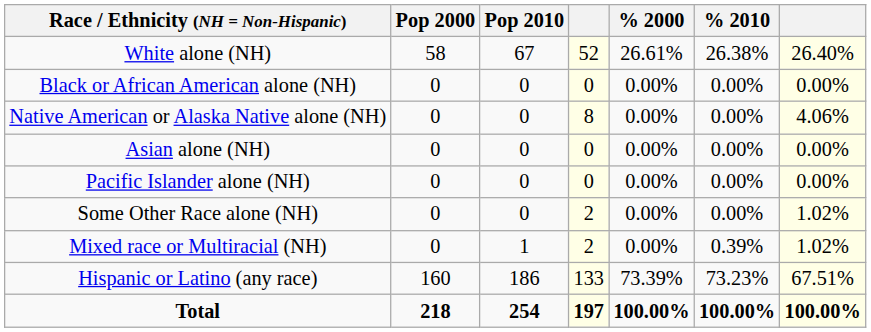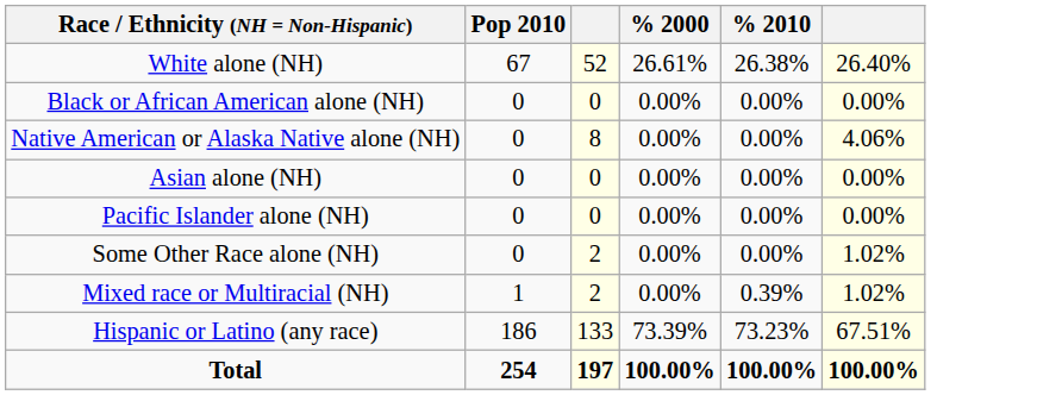 <table class="wikitable" style="text-align:center;">
 <tr>
 <th>Race / Ethnicity <small>(<em>NH = Non-Hispanic</em>)</small></th>
-<th>Pop 2000</th>
 <th>Pop 2010</th>
 <th></th>
 <th>% 2000</th>
 <th>% 2010</th>
 <th></th>
 </tr>
 <tr>
 <td><a href='#'>White</a> alone (NH)</td>
-<td>58</td>
 <td>67</td>
 <td style='background: #ffffe6;'>52</td>
 <td>26.61%</td>
 <td>26.38%</td>
 <td style='background: #ffffe6;'>26.40%</td>
 </tr>
 <tr>
 <td><a href='#'>Black or African American</a> alone (NH)</td>
 <td>0</td>
-<td>0</td>
 <td style='background: #ffffe6;'>0</td>
 <td>0.00%</td>
 <td>0.00%</td>
 <td style='background: #ffffe6;'>0.00%</td>
 </tr>
 <tr>
 <td><a href='#'>Native American</a> or <a href='#'>Alaska Native</a> alone (NH)</td>
-<td>0</td>
 <td>0</td>
 <td style='background: #ffffe6;'>8</td>
 <td>0.00%</td>
 <td>0.00%</td>
 <td style='background: #ffffe6;'>4.06%</td>
 </tr>
 <tr>
 <td><a href='#'>Asian</a> alone (NH)</td>
 <td>0</td>
-<td>0</td>
 <td style='background: #ffffe6;'>0</td>
 <td>0.00%</td>
 <td>0.00%</td>
 <td style='background: #ffffe6;'>0.00%</td>
 </tr>
 <tr>
 <td><a href='#'>Pacific Islander</a> alone (NH)</td>
-<td>0</td>
 <td>0</td>
 <td style='background: #ffffe6;'>0</td>
 <td>0.00%</td>
 <td>0.00%</td>
 <td style='background: #ffffe6;'>0.00%</td>
 </tr>
 <tr>
 <td>Some Other Race alone (NH)</td>
 <td>0</td>
-<td>0</td>
 <td style='background: #ffffe6;'>2</td>
 <td>0.00%</td>
 <td>0.00%</td>
 <td style='background: #ffffe6;'>1.02%</td>
 </tr>
 <tr>
 <td><a href='#'>Mixed race or Multiracial</a> (NH)</td>
-<td>0</td>
 <td>1</td>
 <td style='background: #ffffe6;'>2</td>
 <td>0.00%</td>
 <td>0.39%</td>
 <td style='background: #ffffe6;'>1.02%</td>
 </tr>
 <tr>
 <td><a href='#'>Hispanic or Latino</a> (any race)</td>
-<td>160</td>
 <td>186</td>
 <td style='background: #ffffe6;'>133</td>
 <td>73.39%</td>
 <td>73.23%</td>
 <td style='background: #ffffe6;'>67.51%</td>
 </tr>
 <tr>
 <td><strong>Total</strong></td>
-<td><strong>218</strong></td>
 <td><strong>254</strong></td>
 <td style='background: #ffffe6;'><strong>197</strong></td>
 <td><strong>100.00%</strong></td>
 <td><strong>100.00%</strong></td>
 <td style='background: #ffffe6;'><strong>100.00%</strong></td>
 </tr>
 </table>
